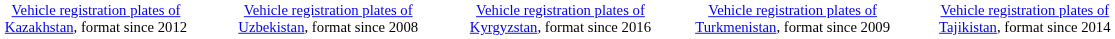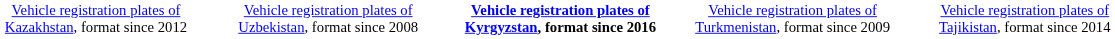 <table class="graytable" style="text-align:center">
 <tr>
 <td width="11%"></td>
 <td width="11%"></td>
 <td width="11%"></td>
 <td width="11%"></td>
 <td width="11%"></td>
 </tr>
 <tr>
 <td><a href='#'>Vehicle registration plates of Kazakhstan</a>, format since 2012</td>
 <td><a href='#'>Vehicle registration plates of Uzbekistan</a>, format since 2008</td>
-<td><a href='#'>Vehicle registration plates of Kyrgyzstan</a>, format since 2016</td>
+<td><strong><a href='#'>Vehicle registration plates of Kyrgyzstan</a>, format since 2016</strong></td>
 <td><a href='#'>Vehicle registration plates of Turkmenistan</a>, format since 2009</td>
 <td><a href='#'>Vehicle registration plates of Tajikistan</a>, format since 2014</td>
 </tr>
 </table>
